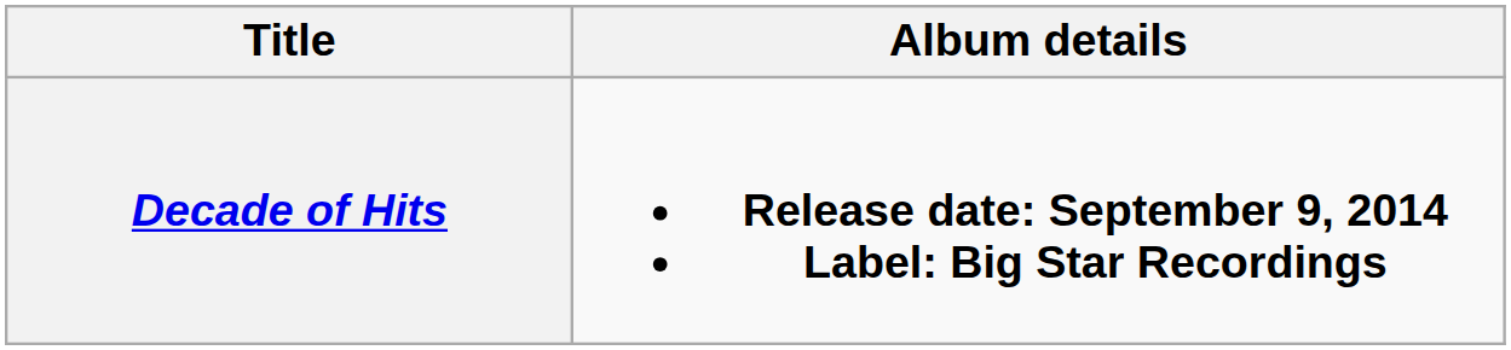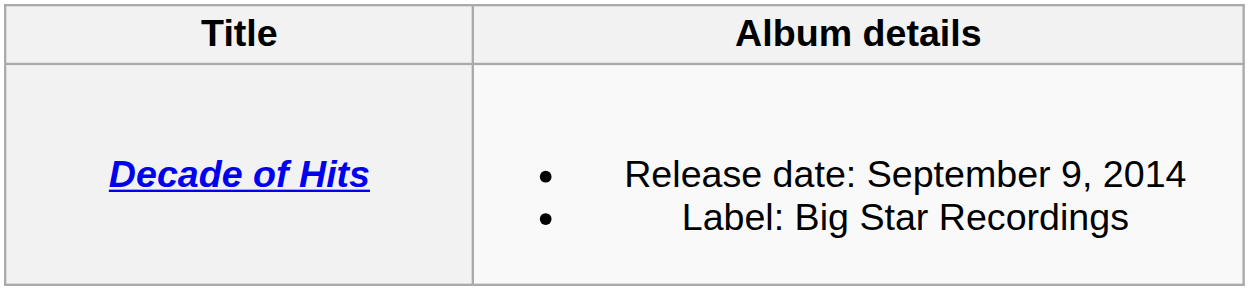 <table class="wikitable plainrowheaders" style="text-align:center;">
 <tr>
 <th style="width:12em;">Title</th>
 <th style="width:20em;">Album details</th>
 </tr>
 <tr>
 <th scope="row"><em><a href='#'>Decade of Hits</a></em></th>
-<td><strong><br><ul><li>Release date: September 9, 2014</li><li>Label: Big Star Recordings</li></ul></strong></td>
+<td><br><ul><li>Release date: September 9, 2014</li><li>Label: Big Star Recordings</li></ul></td>
 </tr>
 </table>
